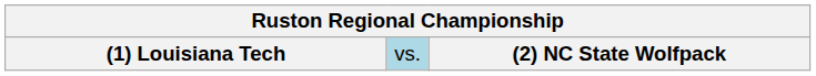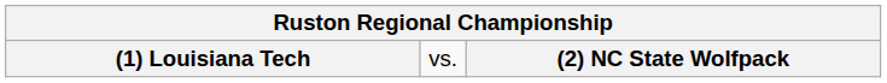 <table class="wikitable">
 <tr>
 <th style="width: 604px;" colspan=3>Ruston Regional Championship</th>
 </tr>
 <tr>
 <th style="width: 289px; ">(1) Louisiana Tech</th>
-<td style="background: lightblue; width: 25px; text-align:center">vs.</td>
+<td style="width: 25px; text-align:center">vs.</td>
 <th style="width: 289px; ">(2) NC State Wolfpack</th>
 </tr>
 </table>
